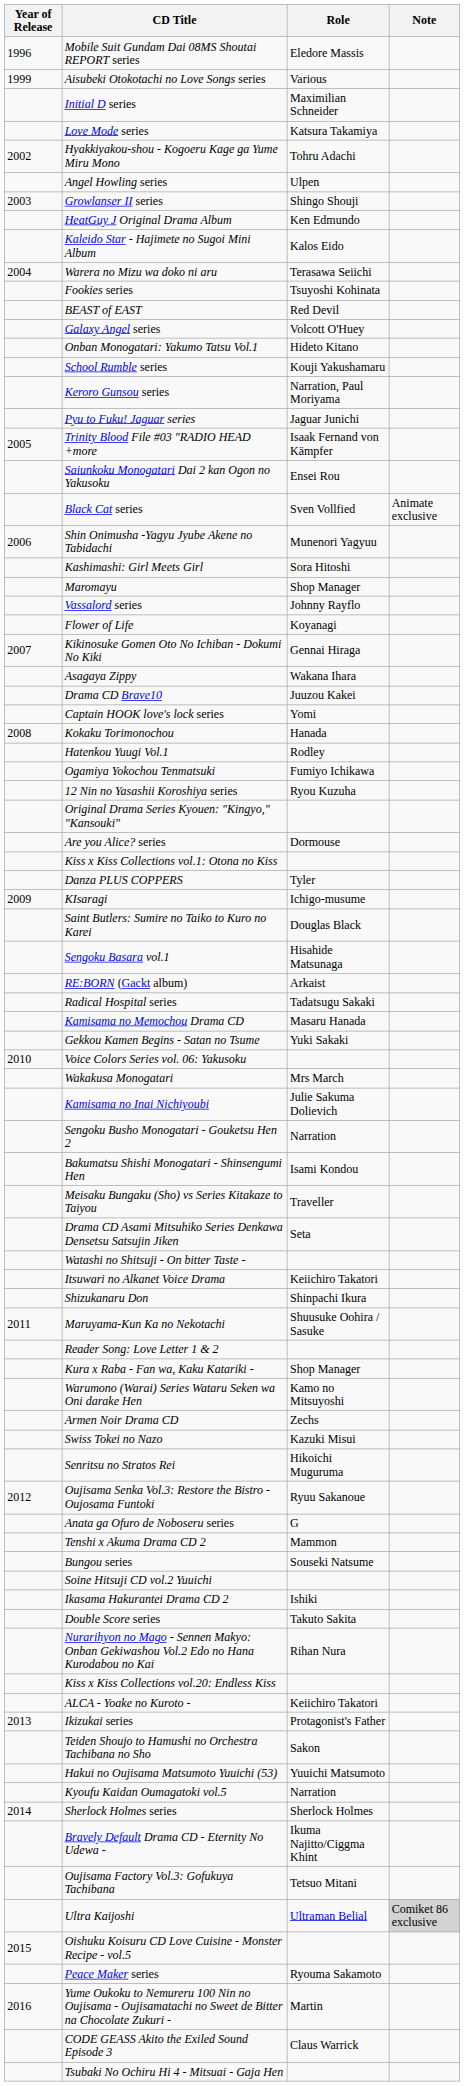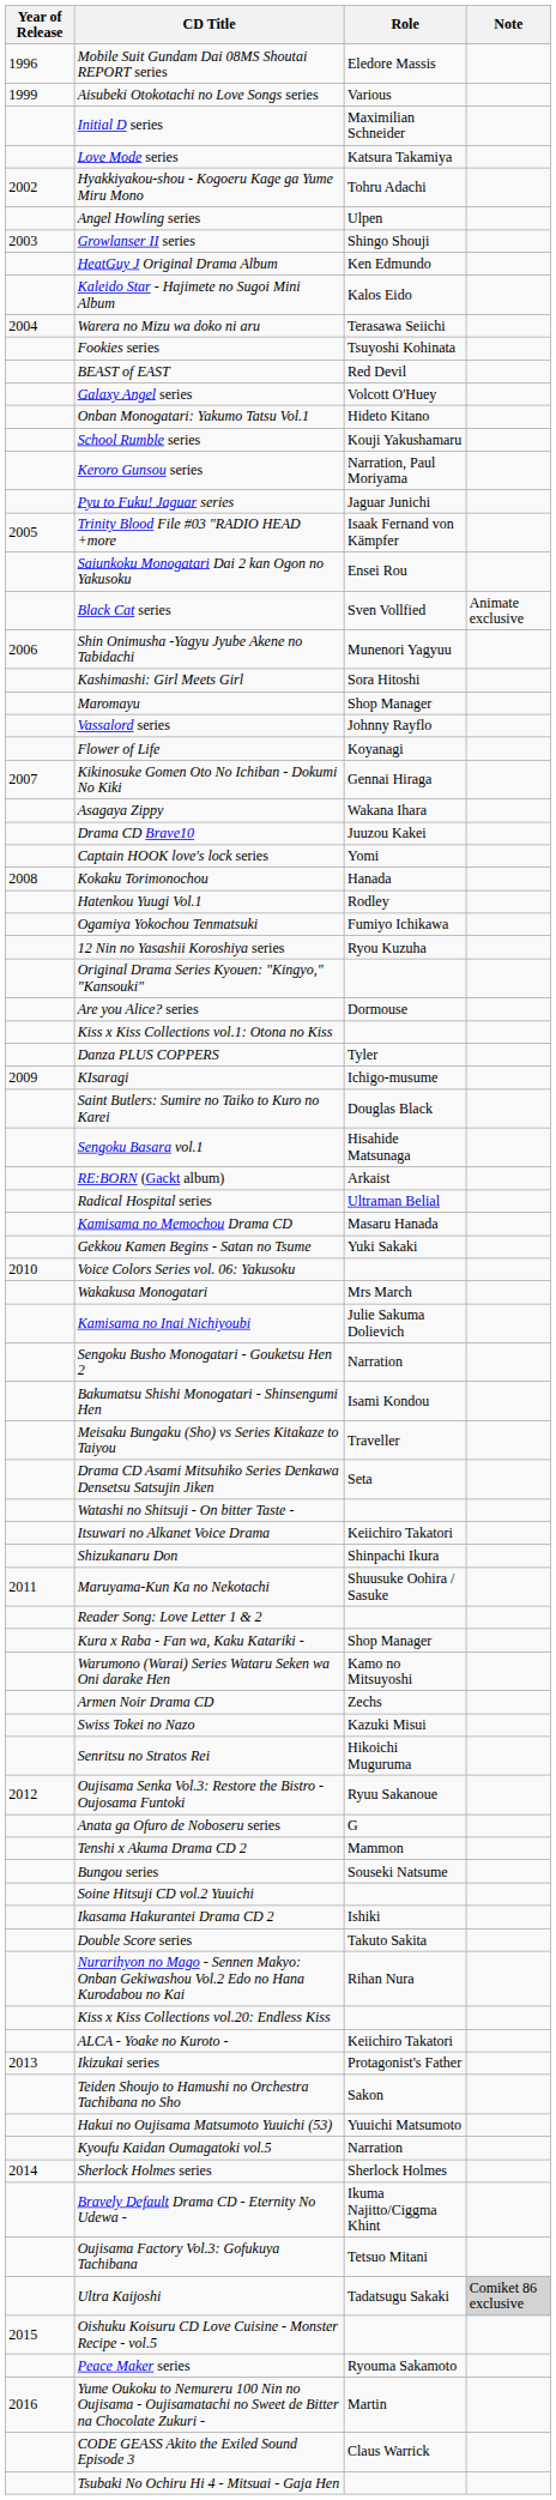 <table class="wikitable">
 <tr>
 <th>Year of Release</th>
 <th>CD Title</th>
 <th>Role</th>
 <th>Note</th>
 </tr>
 <tr>
 <td>1996</td>
 <td><em>Mobile Suit Gundam Dai 08MS Shoutai REPORT</em> series</td>
 <td>Eledore Massis</td>
 <td></td>
 </tr>
 <tr>
 <td>1999</td>
 <td><em>Aisubeki Otokotachi no Love Songs</em> series</td>
 <td>Various</td>
 <td></td>
 </tr>
 <tr>
 <td></td>
 <td><em><a href='#'>Initial D</a></em> series</td>
 <td>Maximilian Schneider</td>
 <td></td>
 </tr>
 <tr>
 <td></td>
 <td><em><a href='#'>Love Mode</a></em> series</td>
 <td>Katsura Takamiya</td>
 <td></td>
 </tr>
 <tr>
 <td>2002</td>
 <td><em>Hyakkiyakou-shou - Kogoeru Kage ga Yume Miru Mono</em></td>
 <td>Tohru Adachi</td>
 <td></td>
 </tr>
 <tr>
 <td></td>
 <td><em>Angel Howling</em> series</td>
 <td>Ulpen</td>
 <td></td>
 </tr>
 <tr>
 <td>2003</td>
 <td><em><a href='#'>Growlanser II</a></em> series</td>
 <td>Shingo Shouji</td>
 <td></td>
 </tr>
 <tr>
 <td></td>
 <td><em><a href='#'>HeatGuy J</a> Original Drama Album</em></td>
 <td>Ken Edmundo</td>
 <td></td>
 </tr>
 <tr>
 <td></td>
 <td><em><a href='#'>Kaleido Star</a> - Hajimete no Sugoi Mini Album</em></td>
 <td>Kalos Eido</td>
 <td></td>
 </tr>
 <tr>
 <td>2004</td>
 <td><em>Warera no Mizu wa doko ni aru</em></td>
 <td>Terasawa Seiichi</td>
 <td></td>
 </tr>
 <tr>
 <td></td>
 <td><em>Fookies</em> series</td>
 <td>Tsuyoshi Kohinata</td>
 <td></td>
 </tr>
 <tr>
 <td></td>
 <td><em>BEAST of EAST</em></td>
 <td>Red Devil</td>
 <td></td>
 </tr>
 <tr>
 <td></td>
 <td><em><a href='#'>Galaxy Angel</a></em> series</td>
 <td>Volcott O'Huey</td>
 <td></td>
 </tr>
 <tr>
 <td></td>
 <td><em>Onban Monogatari: Yakumo Tatsu Vol.1</em></td>
 <td>Hideto Kitano</td>
 <td></td>
 </tr>
 <tr>
 <td></td>
 <td><em><a href='#'>School Rumble</a></em> series</td>
 <td>Kouji Yakushamaru</td>
 <td></td>
 </tr>
 <tr>
 <td></td>
 <td><em><a href='#'>Keroro Gunsou</a></em> series</td>
 <td>Narration, Paul Moriyama</td>
 <td></td>
 </tr>
 <tr>
 <td></td>
 <td><em><a href='#'>Pyu to Fuku! Jaguar</a> series</em></td>
 <td>Jaguar Junichi</td>
 <td></td>
 </tr>
 <tr>
 <td>2005</td>
 <td><em><a href='#'>Trinity Blood</a> File #03 "RADIO HEAD +more</em></td>
 <td>Isaak Fernand von Kämpfer</td>
 <td></td>
 </tr>
 <tr>
 <td></td>
 <td><em><a href='#'>Saiunkoku Monogatari</a> Dai 2 kan Ogon no Yakusoku</em></td>
 <td>Ensei Rou</td>
 <td></td>
 </tr>
 <tr>
 <td></td>
 <td><em><a href='#'>Black Cat</a></em> series</td>
 <td>Sven Vollfied</td>
 <td>Animate exclusive</td>
 </tr>
 <tr>
 <td>2006</td>
 <td><em>Shin Onimusha -Yagyu Jyube Akene no Tabidachi</em></td>
 <td>Munenori Yagyuu</td>
 <td></td>
 </tr>
 <tr>
 <td></td>
 <td><em>Kashimashi: Girl Meets Girl</em></td>
 <td>Sora Hitoshi</td>
 <td></td>
 </tr>
 <tr>
 <td></td>
 <td><em>Maromayu</em></td>
 <td>Shop Manager</td>
 <td></td>
 </tr>
 <tr>
 <td></td>
 <td><em><a href='#'>Vassalord</a></em> series</td>
 <td>Johnny Rayflo</td>
 <td></td>
 </tr>
 <tr>
 <td></td>
 <td><em>Flower of Life</em></td>
 <td>Koyanagi</td>
 <td></td>
 </tr>
 <tr>
 <td>2007</td>
 <td><em>Kikinosuke Gomen Oto No Ichiban - Dokumi No Kiki</em></td>
 <td>Gennai Hiraga</td>
 <td></td>
 </tr>
 <tr>
 <td></td>
 <td><em>Asagaya Zippy</em></td>
 <td>Wakana Ihara</td>
 <td></td>
 </tr>
 <tr>
 <td></td>
 <td><em>Drama CD <a href='#'>Brave10</a></em></td>
 <td>Juuzou Kakei</td>
 <td></td>
 </tr>
 <tr>
 <td></td>
 <td><em>Captain HOOK love's lock</em> series</td>
 <td>Yomi</td>
 <td></td>
 </tr>
 <tr>
 <td>2008</td>
 <td><em>Kokaku Torimonochou</em></td>
 <td>Hanada</td>
 <td></td>
 </tr>
 <tr>
 <td></td>
 <td><em>Hatenkou Yuugi Vol.1</em></td>
 <td>Rodley</td>
 <td></td>
 </tr>
 <tr>
 <td></td>
 <td><em>Ogamiya Yokochou Tenmatsuki</em></td>
 <td>Fumiyo Ichikawa</td>
 <td></td>
 </tr>
 <tr>
 <td></td>
 <td><em>12 Nin no Yasashii Koroshiya</em> series</td>
 <td>Ryou Kuzuha</td>
 <td></td>
 </tr>
 <tr>
 <td></td>
 <td><em>Original Drama Series Kyouen: "Kingyo," "Kansouki"</em></td>
 <td></td>
 <td></td>
 </tr>
 <tr>
 <td></td>
 <td><em>Are you Alice?</em> series</td>
 <td>Dormouse</td>
 <td></td>
 </tr>
 <tr>
 <td></td>
 <td><em>Kiss x Kiss Collections vol.1: Otona no Kiss</em></td>
 <td></td>
 <td></td>
 </tr>
 <tr>
 <td></td>
 <td><em>Danza PLUS COPPERS</em></td>
 <td>Tyler</td>
 <td></td>
 </tr>
 <tr>
 <td>2009</td>
 <td><em>KIsaragi</em></td>
 <td>Ichigo-musume</td>
 <td></td>
 </tr>
 <tr>
 <td></td>
 <td><em>Saint Butlers: Sumire no Taiko to Kuro no Karei</em></td>
 <td>Douglas Black</td>
 <td></td>
 </tr>
 <tr>
 <td></td>
 <td><em><a href='#'>Sengoku Basara</a> vol.1</em></td>
 <td>Hisahide Matsunaga</td>
 <td></td>
 </tr>
 <tr>
 <td></td>
 <td><em><a href='#'>RE:BORN</a></em> (<a href='#'>Gackt</a> album)</td>
 <td>Arkaist</td>
 <td></td>
 </tr>
 <tr>
 <td></td>
 <td><em>Radical Hospital</em> series</td>
-<td>Tadatsugu Sakaki</td>
+<td><a href='#'>Ultraman Belial</a></td>
 <td></td>
 </tr>
 <tr>
 <td></td>
 <td><em><a href='#'>Kamisama no Memochou</a> Drama CD</em></td>
 <td>Masaru Hanada</td>
 <td></td>
 </tr>
 <tr>
 <td></td>
 <td><em>Gekkou Kamen Begins - Satan no Tsume</em></td>
 <td>Yuki Sakaki</td>
 <td></td>
 </tr>
 <tr>
 <td>2010</td>
 <td><em>Voice Colors Series vol. 06: Yakusoku</em></td>
 <td></td>
 <td></td>
 </tr>
 <tr>
 <td></td>
 <td><em>Wakakusa Monogatari</em></td>
 <td>Mrs March</td>
 <td></td>
 </tr>
 <tr>
 <td></td>
 <td><em><a href='#'>Kamisama no Inai Nichiyoubi</a></em></td>
 <td>Julie Sakuma Dolievich</td>
 <td></td>
 </tr>
 <tr>
 <td></td>
 <td><em>Sengoku Busho Monogatari - Gouketsu Hen 2</em></td>
 <td>Narration</td>
 <td></td>
 </tr>
 <tr>
 <td></td>
 <td><em>Bakumatsu Shishi Monogatari - Shinsengumi Hen</em></td>
 <td>Isami Kondou</td>
 <td></td>
 </tr>
 <tr>
 <td></td>
 <td><em>Meisaku Bungaku (Sho) vs Series Kitakaze to Taiyou</em></td>
 <td>Traveller</td>
 <td></td>
 </tr>
 <tr>
 <td></td>
 <td><em>Drama CD Asami Mitsuhiko Series Denkawa Densetsu Satsujin Jiken</em></td>
 <td>Seta</td>
 <td></td>
 </tr>
 <tr>
 <td></td>
 <td><em>Watashi no Shitsuji - On bitter Taste -</em></td>
 <td></td>
 <td></td>
 </tr>
 <tr>
 <td></td>
 <td><em>Itsuwari no Alkanet Voice Drama</em></td>
 <td>Keiichiro Takatori</td>
 <td></td>
 </tr>
 <tr>
 <td></td>
 <td><em>Shizukanaru Don</em></td>
 <td>Shinpachi Ikura</td>
 <td></td>
 </tr>
 <tr>
 <td>2011</td>
 <td><em>Maruyama-Kun Ka no Nekotachi</em></td>
 <td>Shuusuke Oohira / Sasuke</td>
 <td></td>
 </tr>
 <tr>
 <td></td>
 <td><em>Reader Song: Love Letter 1 & 2</em></td>
 <td></td>
 <td></td>
 </tr>
 <tr>
 <td></td>
 <td><em>Kura x Raba - Fan wa, Kaku Katariki -</em></td>
 <td>Shop Manager</td>
 <td></td>
 </tr>
 <tr>
 <td></td>
 <td><em>Warumono (Warai) Series Wataru Seken wa Oni darake Hen</em></td>
 <td>Kamo no Mitsuyoshi</td>
 <td></td>
 </tr>
 <tr>
 <td></td>
 <td><em>Armen Noir Drama CD</em></td>
 <td>Zechs</td>
 <td></td>
 </tr>
 <tr>
 <td></td>
 <td><em>Swiss Tokei no Nazo</em></td>
 <td>Kazuki Misui</td>
 <td></td>
 </tr>
 <tr>
 <td></td>
 <td><em>Senritsu no Stratos Rei</em></td>
 <td>Hikoichi Muguruma</td>
 <td></td>
 </tr>
 <tr>
 <td>2012</td>
 <td><em>Oujisama Senka Vol.3: Restore the Bistro - Oujosama Funtoki</em></td>
 <td>Ryuu Sakanoue</td>
 <td></td>
 </tr>
 <tr>
 <td></td>
 <td><em>Anata ga Ofuro de Noboseru</em> series</td>
 <td>G</td>
 <td></td>
 </tr>
 <tr>
 <td></td>
 <td><em>Tenshi x Akuma Drama CD 2</em></td>
 <td>Mammon</td>
 <td></td>
 </tr>
 <tr>
 <td></td>
 <td><em>Bungou</em> series</td>
 <td>Souseki Natsume</td>
 <td></td>
 </tr>
 <tr>
 <td></td>
 <td><em>Soine Hitsuji CD vol.2 Yuuichi</em></td>
 <td></td>
 <td></td>
 </tr>
 <tr>
 <td></td>
 <td><em>Ikasama Hakurantei Drama CD 2</em></td>
 <td>Ishiki</td>
 <td></td>
 </tr>
 <tr>
 <td></td>
 <td><em>Double Score</em> series</td>
 <td>Takuto Sakita</td>
 <td></td>
 </tr>
 <tr>
 <td></td>
 <td><em><a href='#'>Nurarihyon no Mago</a> - Sennen Makyo: Onban Gekiwashou Vol.2 Edo no Hana Kurodabou no Kai</em></td>
 <td>Rihan Nura</td>
 <td></td>
 </tr>
 <tr>
 <td></td>
 <td><em>Kiss x Kiss Collections vol.20: Endless Kiss</em></td>
 <td></td>
 <td></td>
 </tr>
 <tr>
 <td></td>
 <td><em>ALCA - Yoake no Kuroto -</em></td>
 <td>Keiichiro Takatori</td>
 <td></td>
 </tr>
 <tr>
 <td>2013</td>
 <td><em>Ikizukai</em> series</td>
 <td>Protagonist's Father</td>
 <td></td>
 </tr>
 <tr>
 <td></td>
 <td><em>Teiden Shoujo to Hamushi no Orchestra Tachibana no Sho</em></td>
 <td>Sakon</td>
 <td></td>
 </tr>
 <tr>
 <td></td>
 <td><em>Hakui no Oujisama Matsumoto Yuuichi (53)</em></td>
 <td>Yuuichi Matsumoto</td>
 <td></td>
 </tr>
 <tr>
 <td></td>
 <td><em>Kyoufu Kaidan Oumagatoki vol.5</em></td>
 <td>Narration</td>
 <td></td>
 </tr>
 <tr>
 <td>2014</td>
 <td><em>Sherlock Holmes</em> series</td>
 <td>Sherlock Holmes</td>
 <td></td>
 </tr>
 <tr>
 <td></td>
 <td><em><a href='#'>Bravely Default</a> Drama CD - Eternity No Udewa -</em></td>
 <td>Ikuma Najitto/Ciggma Khint</td>
 <td></td>
 </tr>
 <tr>
 <td></td>
 <td><em>Oujisama Factory Vol.3: Gofukuya Tachibana</em></td>
 <td>Tetsuo Mitani</td>
 <td></td>
 </tr>
 <tr>
 <td></td>
 <td><em>Ultra Kaijoshi</em></td>
-<td><a href='#'>Ultraman Belial</a></td>
+<td>Tadatsugu Sakaki</td>
 <td style="background: lightgrey;">Comiket 86 exclusive</td>
 </tr>
 <tr>
 <td>2015</td>
 <td><em>Oishuku Koisuru CD Love Cuisine - Monster Recipe - vol.5</em></td>
 <td></td>
 <td></td>
 </tr>
 <tr>
 <td></td>
 <td><em><a href='#'>Peace Maker</a></em> series</td>
 <td>Ryouma Sakamoto</td>
 <td></td>
 </tr>
 <tr>
 <td>2016</td>
 <td><em>Yume Oukoku to Nemureru 100 Nin no Oujisama - Oujisamatachi no Sweet de Bitter na Chocolate Zukuri -</em></td>
 <td>Martin</td>
 <td></td>
 </tr>
 <tr>
 <td></td>
 <td><em>CODE GEASS Akito the Exiled Sound Episode 3</em></td>
 <td>Claus Warrick</td>
 <td></td>
 </tr>
 <tr>
 <td></td>
 <td><em>Tsubaki No Ochiru Hi 4 - Mitsuai - Gaja Hen</em></td>
 <td></td>
 <td></td>
 </tr>
 </table>
